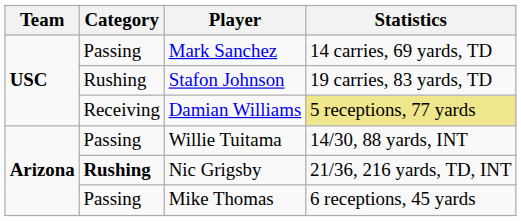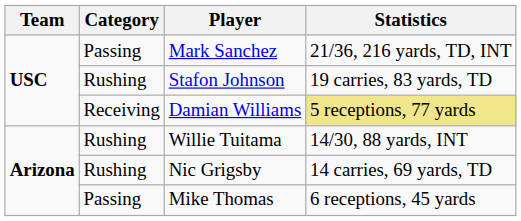 <table class="wikitable" style="float: right;">
 <tr>
 <th>Team</th>
 <th>Category</th>
 <th>Player</th>
 <th>Statistics</th>
 </tr>
 <tr>
 <td rowspan=3><strong>USC</strong></td>
 <td>Passing</td>
 <td><a href='#'>Mark Sanchez</a></td>
-<td>14 carries, 69 yards, TD</td>
+<td>21/36, 216 yards, TD, INT</td>
 </tr>
 <tr>
 <td>Rushing</td>
 <td><a href='#'>Stafon Johnson</a></td>
 <td>19 carries, 83 yards, TD</td>
 </tr>
 <tr>
 <td>Receiving</td>
 <td><a href='#'>Damian Williams</a></td>
 <td style="background: khaki;">5 receptions, 77 yards</td>
 </tr>
 <tr>
 <td rowspan=3><strong>Arizona</strong></td>
-<td>Passing</td>
+<td>Rushing</td>
 <td>Willie Tuitama</td>
 <td>14/30, 88 yards, INT</td>
 </tr>
 <tr>
-<td><strong>Rushing</strong></td>
+<td>Rushing</td>
 <td>Nic Grigsby</td>
-<td>21/36, 216 yards, TD, INT</td>
+<td>14 carries, 69 yards, TD</td>
 </tr>
 <tr>
 <td>Passing</td>
 <td>Mike Thomas</td>
 <td>6 receptions, 45 yards</td>
 </tr>
 </table>
